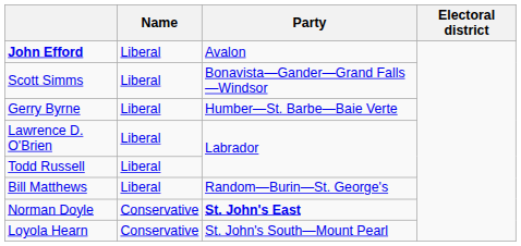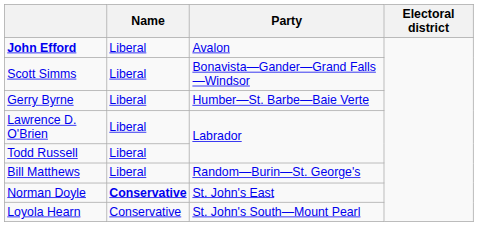 <table class="wikitable" width="610">
 <tr>
 <th></th>
 <th>Name</th>
 <th>Party</th>
 <th>Electoral district</th>
 </tr>
 <tr>
 <td><strong><a href='#'>John Efford</a></strong></td>
 <td><a href='#'>Liberal</a></td>
 <td><a href='#'>Avalon</a></td>
 </tr>
 <tr>
 <td><a href='#'>Scott Simms</a></td>
 <td><a href='#'>Liberal</a></td>
 <td><a href='#'>Bonavista—Gander—Grand Falls—Windsor</a></td>
 </tr>
 <tr>
 <td><a href='#'>Gerry Byrne</a></td>
 <td><a href='#'>Liberal</a></td>
 <td><a href='#'>Humber—St. Barbe—Baie Verte</a></td>
 </tr>
 <tr>
 <td><a href='#'>Lawrence D. O'Brien</a></td>
 <td><a href='#'>Liberal</a></td>
 <td rowspan=2><a href='#'>Labrador</a></td>
 </tr>
 <tr>
 <td><a href='#'>Todd Russell</a></td>
 <td><a href='#'>Liberal</a></td>
 </tr>
 <tr>
 <td><a href='#'>Bill Matthews</a></td>
 <td><a href='#'>Liberal</a></td>
 <td><a href='#'>Random—Burin—St. George's</a></td>
 </tr>
 <tr>
 <td><a href='#'>Norman Doyle</a></td>
-<td><a href='#'>Conservative</a></td>
-<td><strong><a href='#'>St. John's East</a></strong></td>
+<td><strong><a href='#'>Conservative</a></strong></td>
+<td><a href='#'>St. John's East</a></td>
 </tr>
 <tr>
 <td><a href='#'>Loyola Hearn</a></td>
 <td><a href='#'>Conservative</a></td>
 <td><a href='#'>St. John's South—Mount Pearl</a></td>
 </tr>
 </table>
